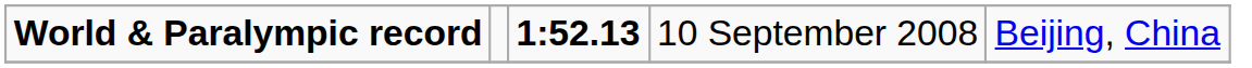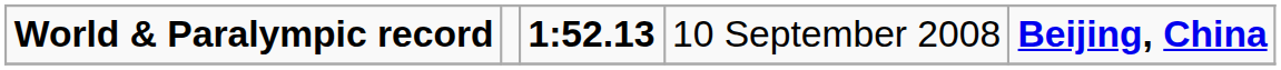 <table class="wikitable">
 <tr>
 </tr>
 <tr>
 <td><strong>World & Paralympic record</strong></td>
 <td></td>
 <td><strong>1:52.13</strong></td>
 <td>10 September 2008</td>
-<td><a href='#'>Beijing</a>, <a href='#'>China</a></td>
+<td><strong><a href='#'>Beijing</a>, <a href='#'>China</a></strong></td>
 </tr>
 <tr>
 </tr>
 </table>
